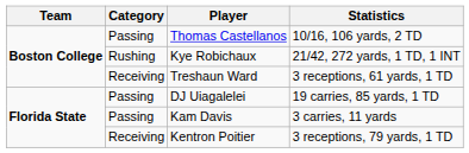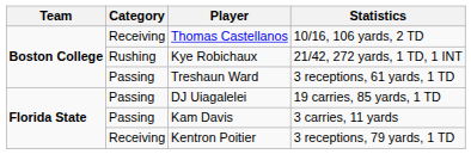 <table class="wikitable" style="float: right;">
 <tr>
 <th>Team</th>
 <th>Category</th>
 <th>Player</th>
 <th>Statistics</th>
 </tr>
 <tr>
 <td rowspan=3><strong>Boston College</strong></td>
-<td>Passing</td>
+<td>Receiving</td>
 <td><a href='#'>Thomas Castellanos</a></td>
 <td>10/16, 106 yards, 2 TD</td>
 </tr>
 <tr>
 <td>Rushing</td>
 <td>Kye Robichaux</td>
 <td>21/42, 272 yards, 1 TD, 1 INT</td>
 </tr>
 <tr>
-<td>Receiving</td>
+<td>Passing</td>
 <td>Treshaun Ward</td>
 <td>3 receptions, 61 yards, 1 TD</td>
 </tr>
 <tr>
 <td rowspan=3><strong>Florida State</strong></td>
 <td>Passing</td>
 <td>DJ Uiagalelei</td>
 <td>19 carries, 85 yards, 1 TD</td>
 </tr>
 <tr>
 <td>Passing</td>
 <td>Kam Davis</td>
 <td>3 carries, 11 yards</td>
 </tr>
 <tr>
 <td>Receiving</td>
 <td>Kentron Poitier</td>
 <td>3 receptions, 79 yards, 1 TD</td>
 </tr>
 </table>
